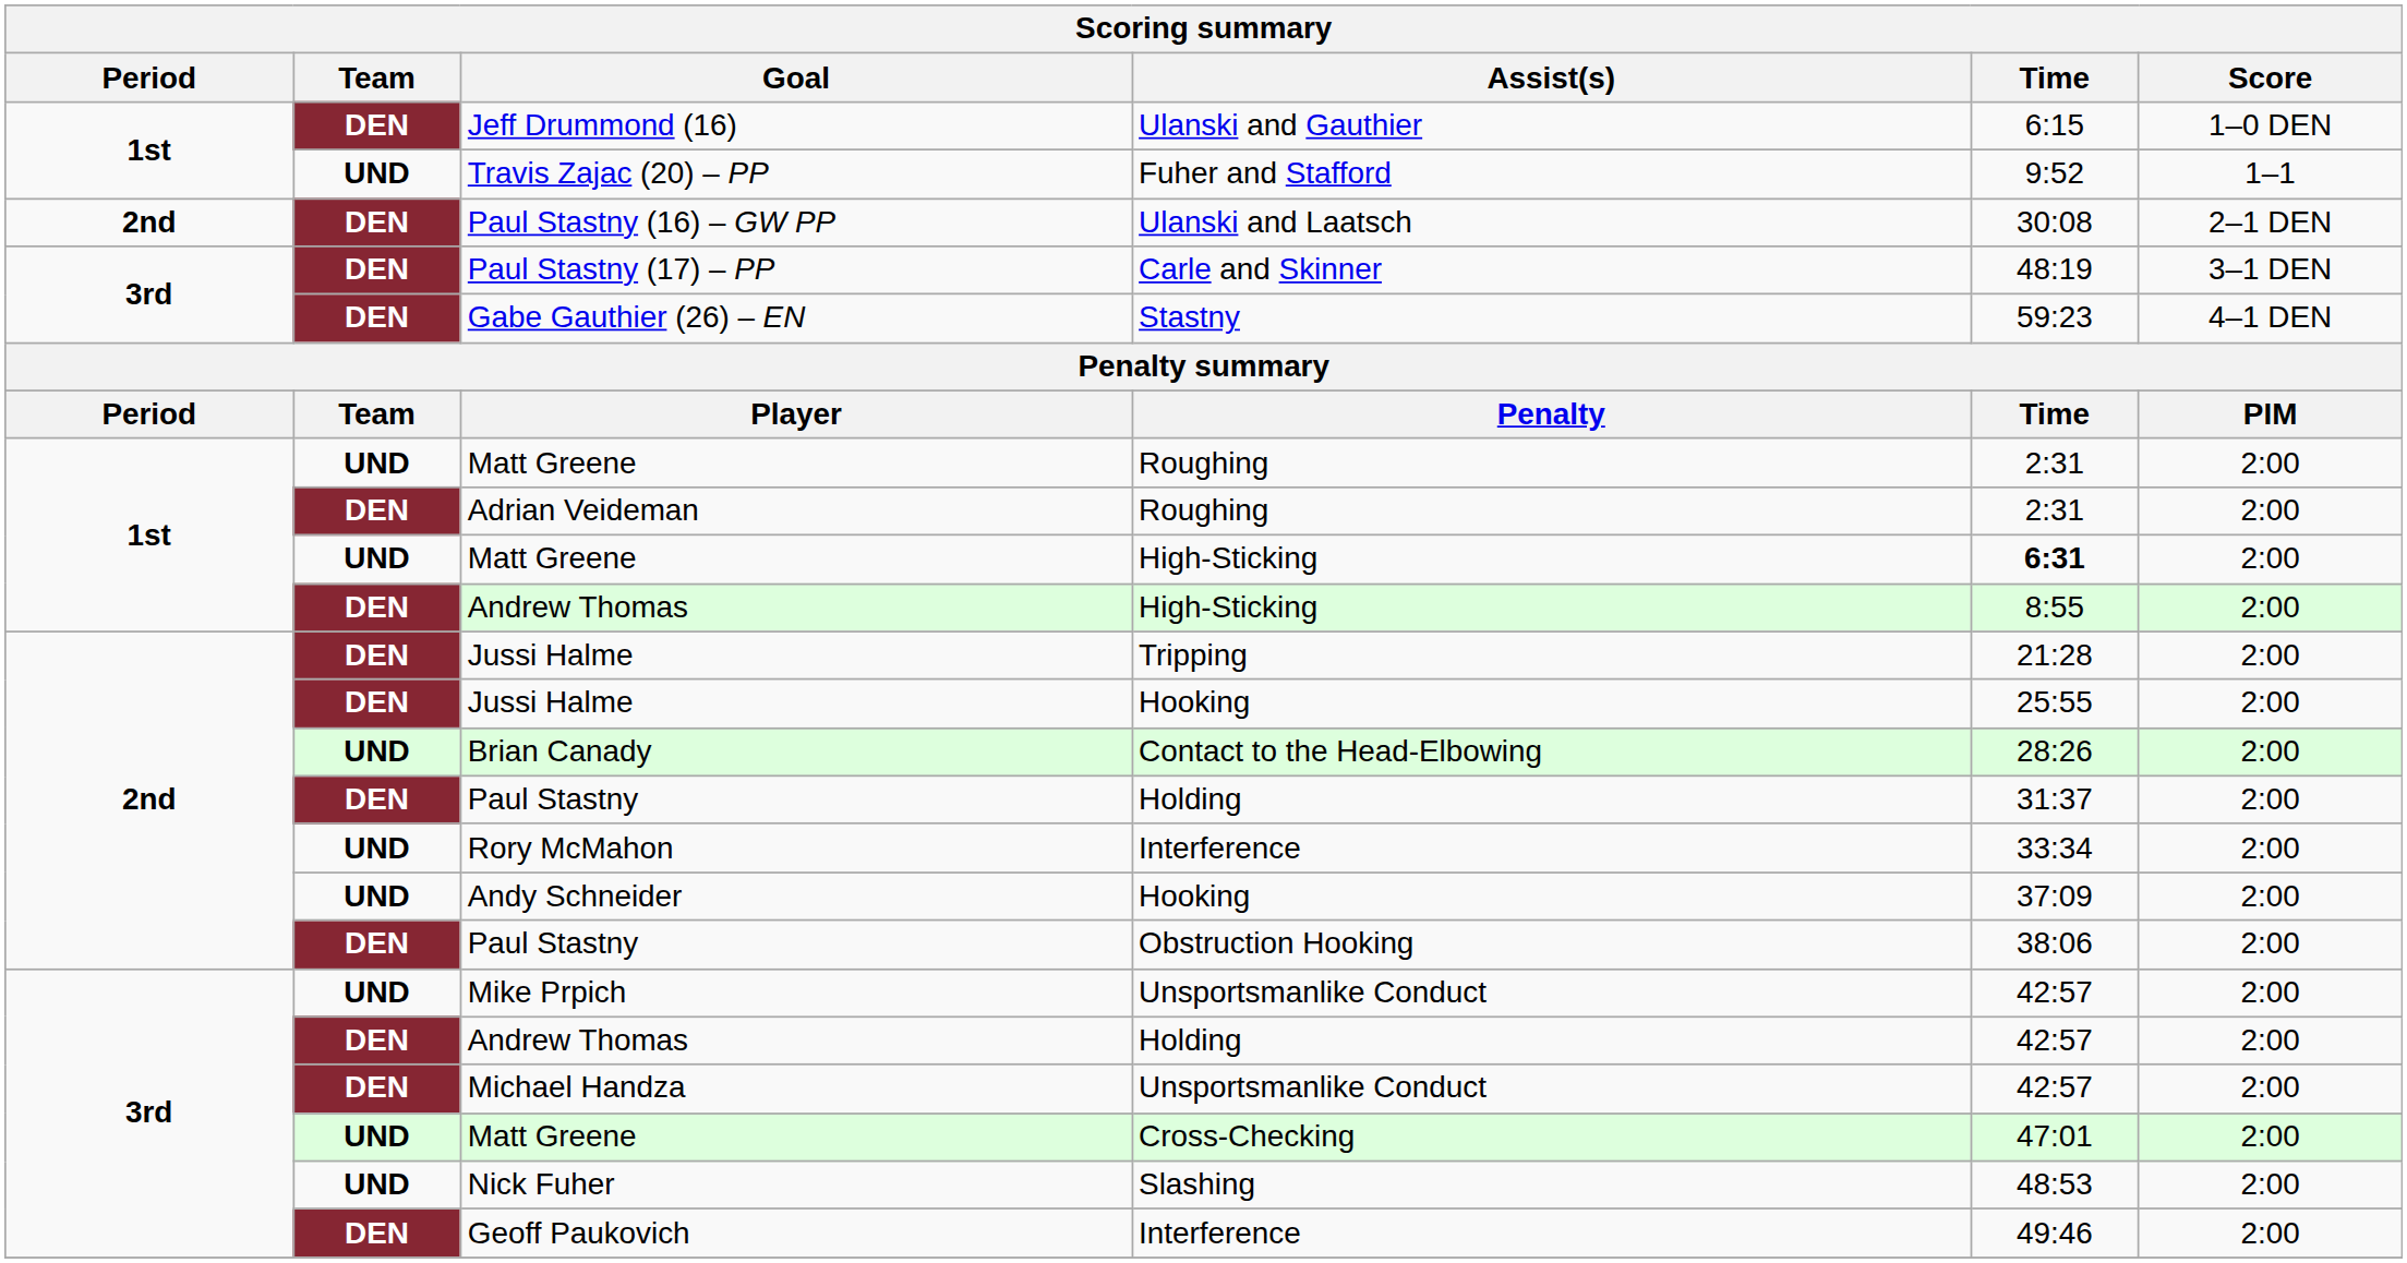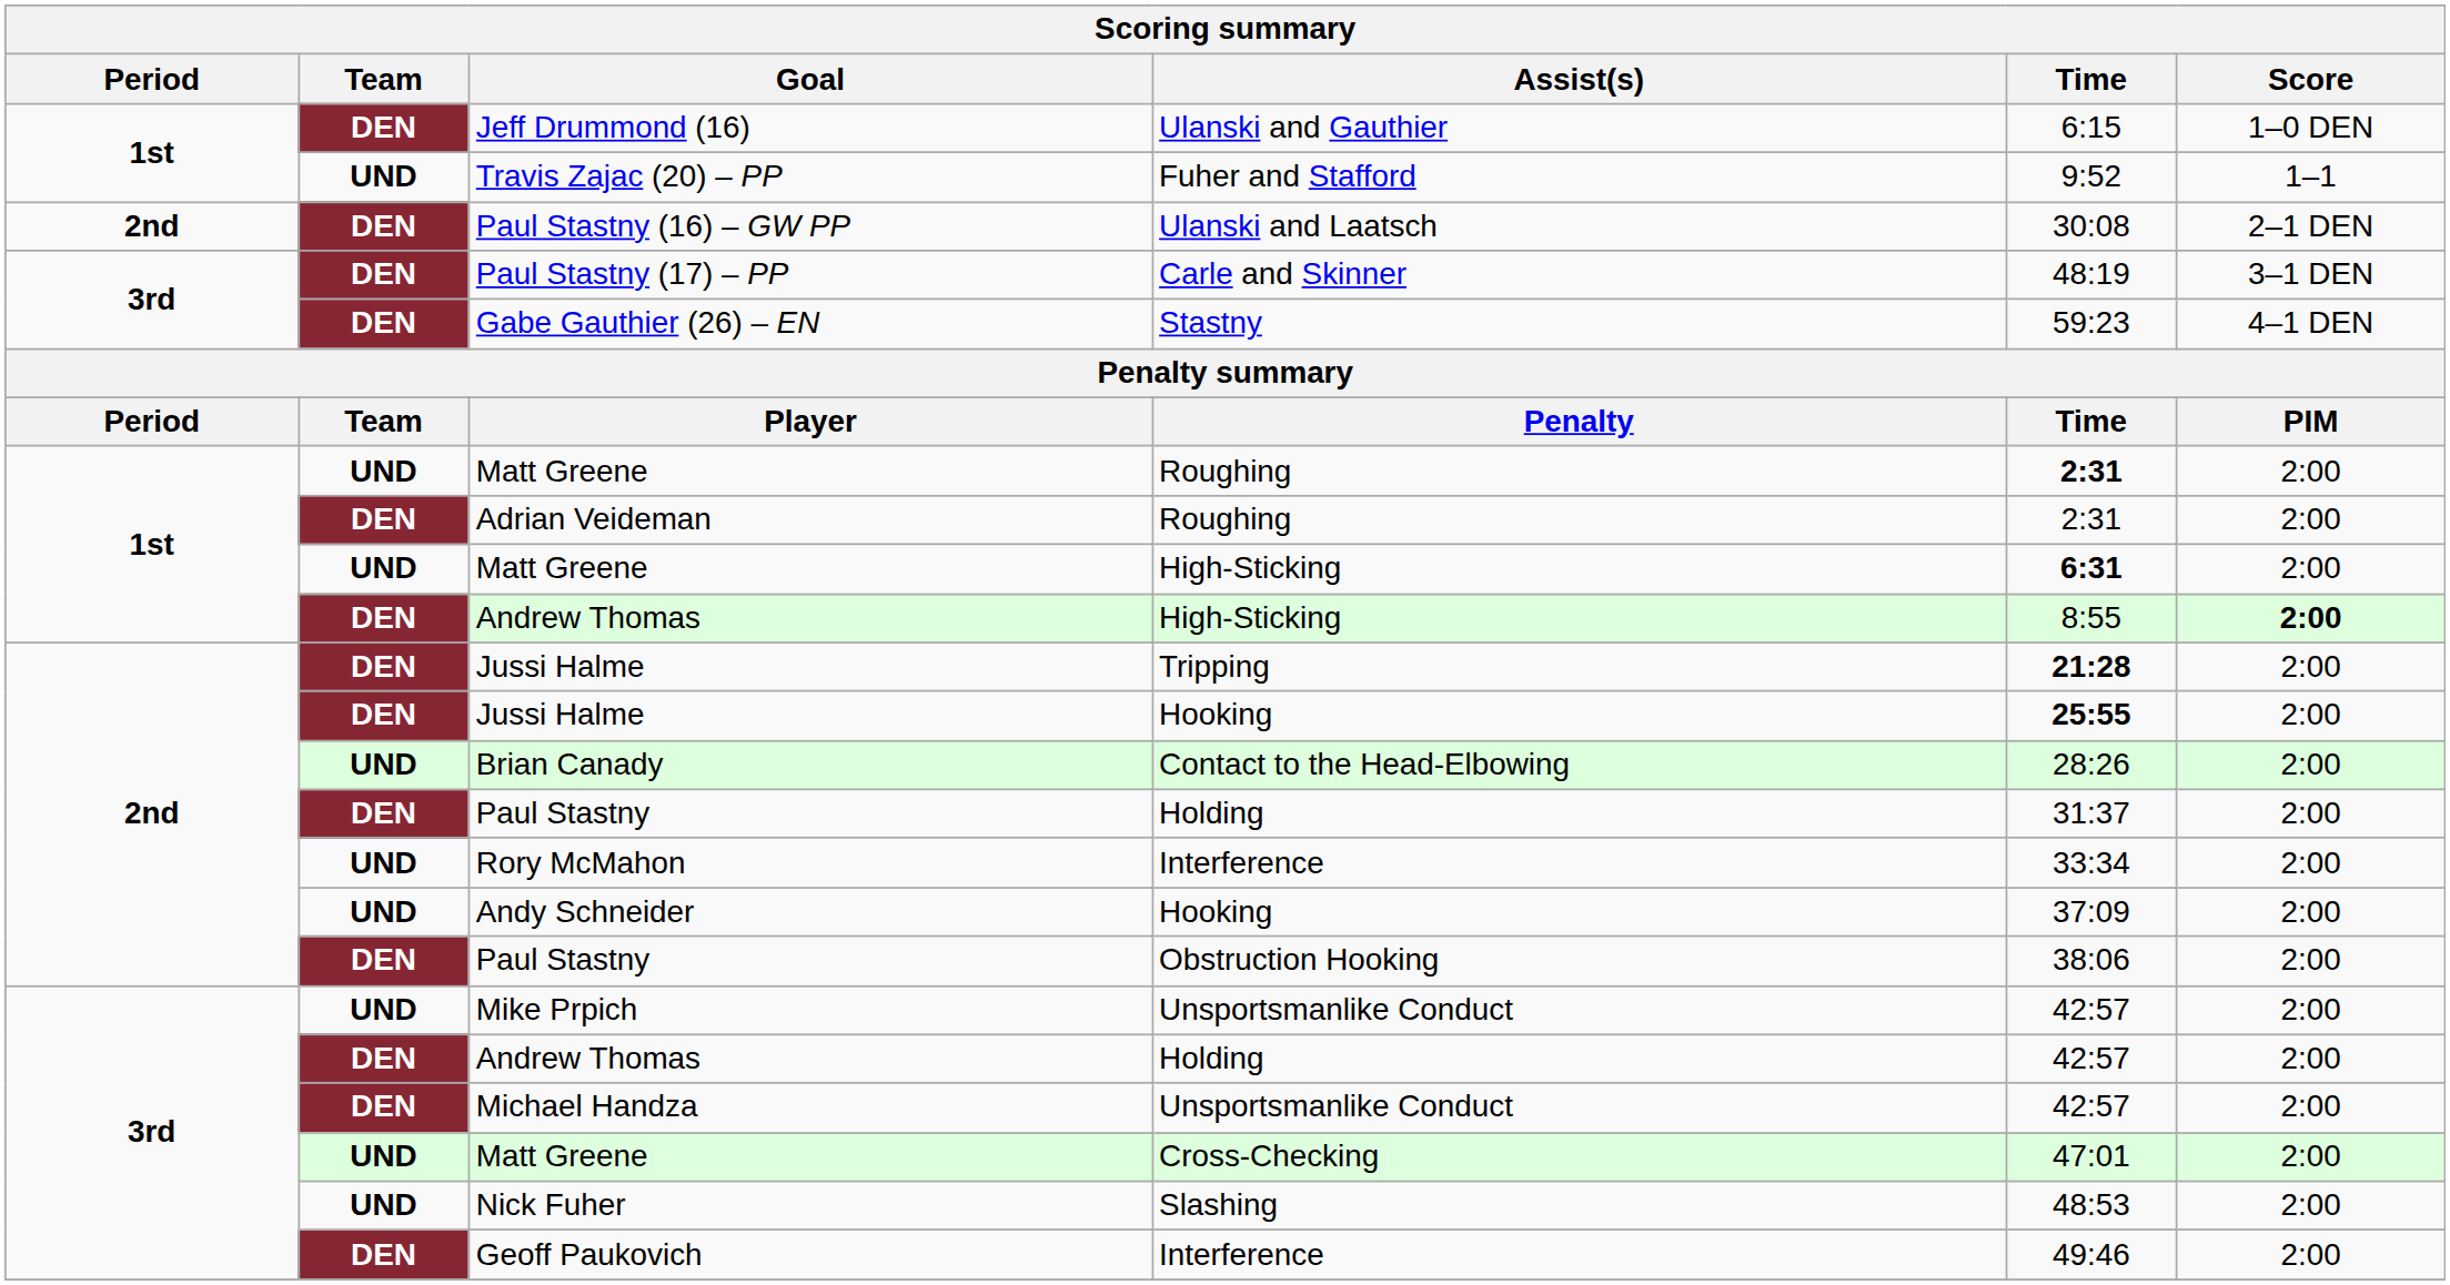 <table style="width:100%;" class="wikitable">
 <tr>
 <th colspan=6>Scoring summary</th>
 </tr>
 <tr>
 <th style="width:12%;">Period</th>
 <th style="width:7%;">Team</th>
 <th style="width:28%;">Goal</th>
 <th style="width:35%;">Assist(s)</th>
 <th style="width:7%;">Time</th>
 <th style="width:11%;">Score</th>
 </tr>
 <tr>
 <td style="text-align:center;" rowspan="2"><strong>1st</strong></td>
 <td align=center style="color:white; background:#862633; "><strong>DEN</strong></td>
 <td><a href='#'>Jeff Drummond</a> (16)</td>
 <td><a href='#'>Ulanski</a> and <a href='#'>Gauthier</a></td>
 <td align=center>6:15</td>
 <td align=center>1–0 DEN</td>
 </tr>
 <tr>
 <td align=center><strong>UND</strong></td>
 <td><a href='#'>Travis Zajac</a> (20) – <em>PP</em></td>
 <td>Fuher and <a href='#'>Stafford</a></td>
 <td align=center>9:52</td>
 <td align=center>1–1</td>
 </tr>
 <tr>
 <td style="text-align:center;" rowspan="1"><strong>2nd</strong></td>
 <td align=center style="color:white; background:#862633; "><strong>DEN</strong></td>
 <td><a href='#'>Paul Stastny</a> (16) – <em>GW PP</em></td>
 <td><a href='#'>Ulanski</a> and Laatsch</td>
 <td align=center>30:08</td>
 <td align=center>2–1 DEN</td>
 </tr>
 <tr>
 <td style="text-align:center;" rowspan="2"><strong>3rd</strong></td>
 <td align=center style="color:white; background:#862633; "><strong>DEN</strong></td>
 <td><a href='#'>Paul Stastny</a> (17) – <em>PP</em></td>
 <td><a href='#'>Carle</a> and <a href='#'>Skinner</a></td>
 <td align=center>48:19</td>
 <td align=center>3–1 DEN</td>
 </tr>
 <tr>
 <td align=center style="color:white; background:#862633; "><strong>DEN</strong></td>
 <td><a href='#'>Gabe Gauthier</a> (26) – <em>EN</em></td>
 <td><a href='#'>Stastny</a></td>
 <td align=center>59:23</td>
 <td align=center>4–1 DEN</td>
 </tr>
 <tr>
 <th colspan=6>Penalty summary</th>
 </tr>
 <tr>
 <th style="width:12%;">Period</th>
 <th style="width:7%;">Team</th>
 <th style="width:28%;">Player</th>
 <th style="width:35%;"><a href='#'>Penalty</a></th>
 <th style="width:7%;">Time</th>
 <th style="width:11%;">PIM</th>
 </tr>
 <tr>
 <td style="text-align:center;" rowspan="4"><strong>1st</strong></td>
 <td align=center><strong>UND</strong></td>
 <td>Matt Greene</td>
 <td>Roughing</td>
-<td align=center>2:31</td>
+<td align=center><strong>2:31</strong></td>
 <td align=center>2:00</td>
 </tr>
 <tr>
 <td align=center style="color:white; background:#862633; "><strong>DEN</strong></td>
 <td>Adrian Veideman</td>
 <td>Roughing</td>
 <td align=center>2:31</td>
 <td align=center>2:00</td>
 </tr>
 <tr>
 <td align=center><strong>UND</strong></td>
 <td>Matt Greene</td>
 <td>High-Sticking</td>
 <td align=center><strong>6:31</strong></td>
 <td align=center>2:00</td>
 </tr>
 <tr bgcolor=ddffdd>
 <td align=center style="color:white; background:#862633; "><strong>DEN</strong></td>
 <td>Andrew Thomas</td>
 <td>High-Sticking</td>
 <td align=center>8:55</td>
-<td align=center>2:00</td>
+<td align=center><strong>2:00</strong></td>
 </tr>
 <tr>
 <td style="text-align:center;" rowspan="7"><strong>2nd</strong></td>
 <td align=center style="color:white; background:#862633; "><strong>DEN</strong></td>
 <td>Jussi Halme</td>
 <td>Tripping</td>
-<td align=center>21:28</td>
+<td align=center><strong>21:28</strong></td>
 <td align=center>2:00</td>
 </tr>
 <tr>
 <td align=center style="color:white; background:#862633; "><strong>DEN</strong></td>
 <td>Jussi Halme</td>
 <td>Hooking</td>
-<td align=center>25:55</td>
+<td align=center><strong>25:55</strong></td>
 <td align=center>2:00</td>
 </tr>
 <tr bgcolor=ddffdd>
 <td align=center><strong>UND</strong></td>
 <td>Brian Canady</td>
 <td>Contact to the Head-Elbowing</td>
 <td align=center>28:26</td>
 <td align=center>2:00</td>
 </tr>
 <tr>
 <td align=center style="color:white; background:#862633; "><strong>DEN</strong></td>
 <td>Paul Stastny</td>
 <td>Holding</td>
 <td align=center>31:37</td>
 <td align=center>2:00</td>
 </tr>
 <tr>
 <td align=center><strong>UND</strong></td>
 <td>Rory McMahon</td>
 <td>Interference</td>
 <td align=center>33:34</td>
 <td align=center>2:00</td>
 </tr>
 <tr>
 <td align=center><strong>UND</strong></td>
 <td>Andy Schneider</td>
 <td>Hooking</td>
 <td align=center>37:09</td>
 <td align=center>2:00</td>
 </tr>
 <tr>
 <td align=center style="color:white; background:#862633; "><strong>DEN</strong></td>
 <td>Paul Stastny</td>
 <td>Obstruction Hooking</td>
 <td align=center>38:06</td>
 <td align=center>2:00</td>
 </tr>
 <tr>
 <td style="text-align:center;" rowspan="6"><strong>3rd</strong></td>
 <td align=center><strong>UND</strong></td>
 <td>Mike Prpich</td>
 <td>Unsportsmanlike Conduct</td>
 <td align=center>42:57</td>
 <td align=center>2:00</td>
 </tr>
 <tr>
 <td align=center style="color:white; background:#862633; "><strong>DEN</strong></td>
 <td>Andrew Thomas</td>
 <td>Holding</td>
 <td align=center>42:57</td>
 <td align=center>2:00</td>
 </tr>
 <tr>
 <td align=center style="color:white; background:#862633; "><strong>DEN</strong></td>
 <td>Michael Handza</td>
 <td>Unsportsmanlike Conduct</td>
 <td align=center>42:57</td>
 <td align=center>2:00</td>
 </tr>
 <tr bgcolor=ddffdd>
 <td align=center><strong>UND</strong></td>
 <td>Matt Greene</td>
 <td>Cross-Checking</td>
 <td align=center>47:01</td>
 <td align=center>2:00</td>
 </tr>
 <tr>
 <td align=center><strong>UND</strong></td>
 <td>Nick Fuher</td>
 <td>Slashing</td>
 <td align=center>48:53</td>
 <td align=center>2:00</td>
 </tr>
 <tr>
 <td align=center style="color:white; background:#862633; "><strong>DEN</strong></td>
 <td>Geoff Paukovich</td>
 <td>Interference</td>
 <td align=center>49:46</td>
 <td align=center>2:00</td>
 </tr>
 <tr>
 </tr>
 </table>
